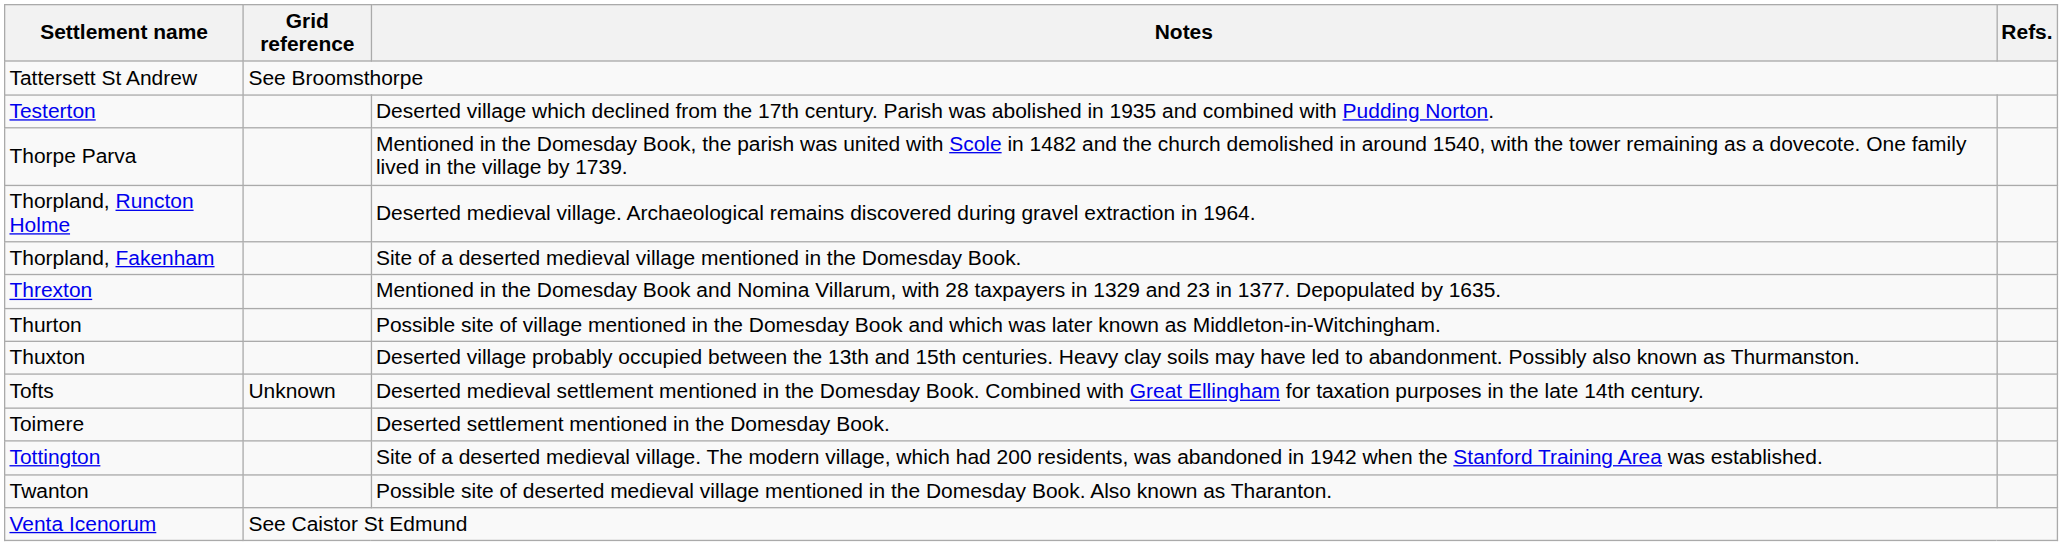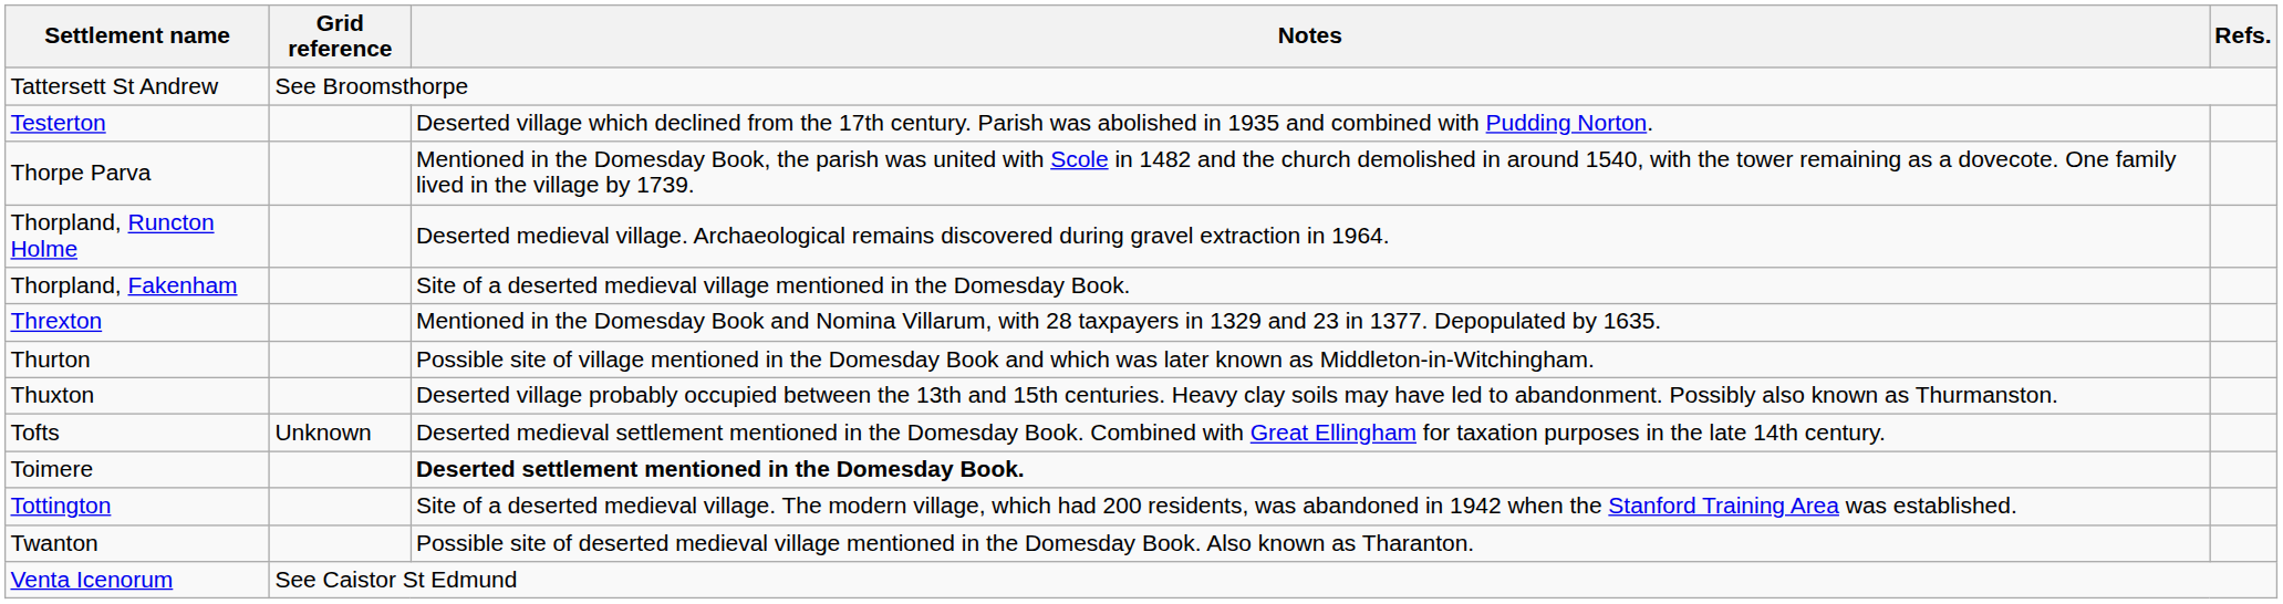 <table class="wikitable">
 <tr>
 <th width=175>Settlement name</th>
 <th width=90>Grid reference</th>
 <th>Notes</th>
 <th>Refs.</th>
 </tr>
 <tr>
 <td>Tattersett St Andrew</td>
 <td colspan="3">See Broomsthorpe</td>
 </tr>
 <tr>
 <td><a href='#'>Testerton</a></td>
 <td></td>
 <td>Deserted village which declined from the 17th century. Parish was abolished in 1935 and combined with <a href='#'>Pudding Norton</a>.</td>
 <td></td>
 </tr>
 <tr>
 <td>Thorpe Parva</td>
 <td></td>
 <td>Mentioned in the Domesday Book, the parish was united with <a href='#'>Scole</a> in 1482 and the church demolished in around 1540, with the tower remaining as a dovecote. One family lived in the village by 1739.</td>
 <td></td>
 </tr>
 <tr>
 <td>Thorpland, <a href='#'>Runcton Holme</a></td>
 <td></td>
 <td>Deserted medieval village. Archaeological remains discovered during gravel extraction in 1964.</td>
 <td></td>
 </tr>
 <tr>
 <td>Thorpland, <a href='#'>Fakenham</a></td>
 <td></td>
 <td>Site of a deserted medieval village mentioned in the Domesday Book.</td>
 <td></td>
 </tr>
 <tr>
 <td><a href='#'>Threxton</a></td>
 <td></td>
 <td>Mentioned in the Domesday Book and Nomina Villarum, with 28 taxpayers in 1329 and 23 in 1377. Depopulated by 1635.</td>
 <td></td>
 </tr>
 <tr>
 <td>Thurton</td>
 <td></td>
 <td>Possible site of village mentioned in the Domesday Book and which was later known as Middleton-in-Witchingham.</td>
 <td></td>
 </tr>
 <tr>
 <td>Thuxton</td>
 <td></td>
 <td>Deserted village probably occupied between the 13th and 15th centuries. Heavy clay soils may have led to abandonment. Possibly also known as Thurmanston.</td>
 <td></td>
 </tr>
 <tr>
 <td>Tofts</td>
 <td>Unknown</td>
 <td>Deserted medieval settlement mentioned in the Domesday Book. Combined with <a href='#'>Great Ellingham</a> for taxation purposes in the late 14th century.</td>
 <td></td>
 </tr>
 <tr>
 <td>Toimere</td>
 <td></td>
-<td>Deserted settlement mentioned in the Domesday Book.</td>
+<td><strong>Deserted settlement mentioned in the Domesday Book.</strong></td>
 <td></td>
 </tr>
 <tr>
 <td><a href='#'>Tottington</a></td>
 <td></td>
 <td>Site of a deserted medieval village. The modern village, which had 200 residents, was abandoned in 1942 when the <a href='#'>Stanford Training Area</a> was established.</td>
 <td></td>
 </tr>
 <tr>
 <td>Twanton</td>
 <td></td>
 <td>Possible site of deserted medieval village mentioned in the Domesday Book. Also known as Tharanton.</td>
 <td></td>
 </tr>
 <tr>
 <td><a href='#'>Venta Icenorum</a></td>
 <td colspan = "3">See Caistor St Edmund</td>
 </tr>
 </table>
